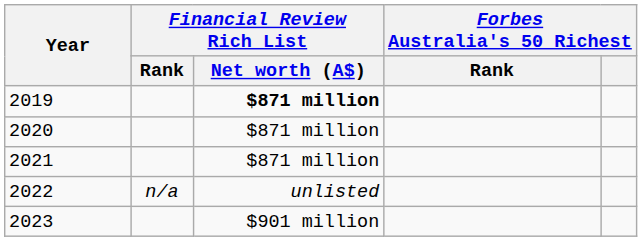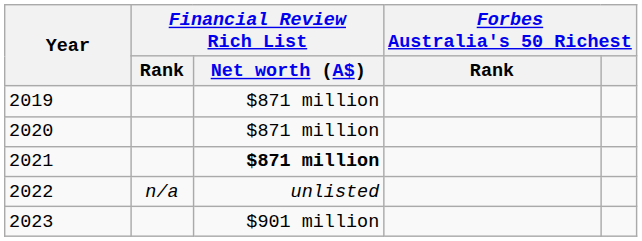 <table class="wikitable">
 <tr>
 <th rowspan=2>Year</th>
 <th colspan=2 width=40%><em><a href='#'>Financial Review</a></em><br><a href='#'>Rich List</a></th>
 <th colspan=2 width=40%><em><a href='#'>Forbes</a></em><br><a href='#'>Australia's 50 Richest</a></th>
 </tr>
 <tr>
 <th>Rank</th>
 <th><a href='#'>Net worth</a> (<a href='#'>A$</a>)</th>
 <th>Rank</th>
 <th></th>
 </tr>
 <tr>
 <td>2019</td>
 <td align="center"></td>
-<td align="right"><strong>$871 million </strong></td>
+<td align="right">$871 million </td>
 <td align="center"></td>
 <td align="right"></td>
 </tr>
 <tr>
 <td>2020</td>
 <td align="center"></td>
 <td align="right">$871 million </td>
 <td align="center"></td>
 <td align="right"></td>
 </tr>
 <tr>
 <td>2021</td>
 <td align="center"></td>
-<td align="right">$871 million </td>
+<td align="right"><strong>$871 million </strong></td>
 <td align="center"></td>
 <td align="right"></td>
 </tr>
 <tr>
 <td>2022</td>
 <td align="center"><em>n/a</em></td>
 <td align="right"><em>unlisted</em></td>
 <td align="center"></td>
 <td align="right"></td>
 </tr>
 <tr>
 <td>2023</td>
 <td align="center"></td>
 <td align="right">$901 million </td>
 <td align="center"></td>
 <td align="right"></td>
 </tr>
 </table>
